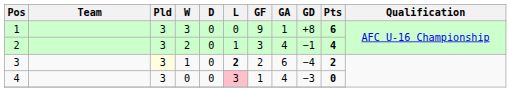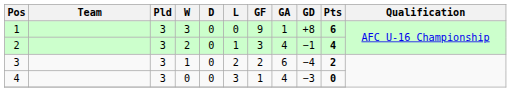 <table class="wikitable" border="1" style="text-align: center;">
 <tr>
 <th width="25"><abbr>Pos</abbr></th>
 <th width="150">Team</th>
 <th width="25"><abbr>Pld</abbr></th>
 <th width="25"><abbr>W</abbr></th>
 <th width="25"><abbr>D</abbr></th>
 <th width="25"><abbr>L</abbr></th>
 <th width="25"><abbr>GF</abbr></th>
 <th width="25"><abbr>GA</abbr></th>
 <th width="25"><abbr>GD</abbr></th>
 <th width="25"><abbr>Pts</abbr></th>
 <th width="200">Qualification</th>
 </tr>
 <tr bgcolor=#CCFFCC>
 <td>1</td>
 <td align="left"></td>
 <td>3</td>
 <td>3</td>
 <td>0</td>
 <td>0</td>
 <td>9</td>
 <td>1</td>
 <td>+8</td>
 <td><strong>6</strong></td>
 <td rowspan=2><a href='#'>AFC U-16 Championship</a></td>
 </tr>
 <tr bgcolor=#CCFFCC>
 <td>2</td>
 <td align="left"></td>
 <td>3</td>
 <td>2</td>
 <td>0</td>
 <td>1</td>
 <td>3</td>
 <td>4</td>
 <td>−1</td>
 <td><strong>4</strong></td>
 </tr>
 <tr>
 <td>3</td>
 <td align="left"></td>
-<td style="background: lightyellow;">3</td>
+<td>3</td>
 <td>1</td>
 <td>0</td>
-<td><strong>2</strong></td>
+<td>2</td>
 <td>2</td>
 <td>6</td>
 <td>−4</td>
 <td><strong>2</strong></td>
 </tr>
 <tr>
 <td>4</td>
 <td align="left"></td>
 <td>3</td>
 <td>0</td>
 <td>0</td>
-<td style="background: pink;">3</td>
+<td>3</td>
 <td>1</td>
 <td>4</td>
 <td>−3</td>
 <td><strong>0</strong></td>
 </tr>
 <tr>
 </tr>
 </table>
